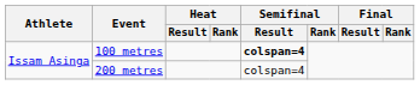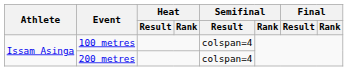 <table class="wikitable" style="font-size:90%">
 <tr>
 <th rowspan="2">Athlete</th>
 <th rowspan="2">Event</th>
 <th colspan="2">Heat</th>
 <th colspan="2">Semifinal</th>
 <th colspan="2">Final</th>
 </tr>
 <tr style="font-size:95%">
 <th>Result</th>
 <th>Rank</th>
 <th>Result</th>
 <th>Rank</th>
 <th>Result</th>
 <th>Rank</th>
 </tr>
 <tr style=text-align:center>
 <td style=text-align:left rowspan=2><a href='#'>Issam Asinga</a></td>
 <td style=text-align:left><a href='#'>100 metres</a></td>
 <td colspan=2></td>
-<td><strong>colspan=4 </strong></td>
+<td>colspan=4 </td>
 </tr>
 <tr style=text-align:center>
 <td style=text-align:left><a href='#'>200 metres</a></td>
 <td colspan=2></td>
 <td>colspan=4 </td>
 </tr>
 </table>
